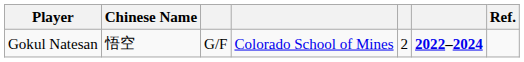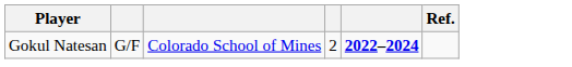 <table class="wikitable sortable" style="font-size:95%; text-align:left;">
 <tr>
 <th>Player</th>
-<th>Chinese Name</th>
 <th></th>
 <th></th>
 <th></th>
 <th></th>
 <th>Ref.</th>
 </tr>
 <tr>
 <td>Gokul Natesan</td>
-<td>悟空</td>
 <td align="center">G/F</td>
 <td><a href='#'>Colorado School of Mines</a></td>
 <td align="center">2</td>
 <td align="center"><strong><a href='#'>2022</a>–<a href='#'>2024</a></strong></td>
 <td></td>
 </tr>
 </table>
